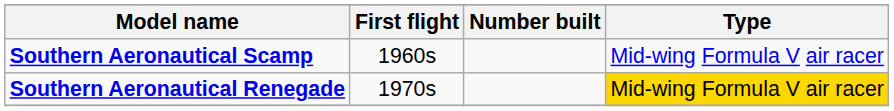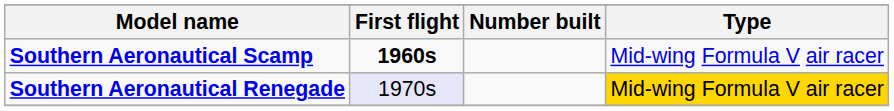 <table class="wikitable" align=center style="font-size:90%;">
 <tr>
 </tr>
 <tr style="background:#efefef;">
 <th>Model name</th>
 <th>First flight</th>
 <th>Number built</th>
 <th>Type</th>
 </tr>
 <tr>
 <td align=left><strong><a href='#'>Southern Aeronautical Scamp</a></strong></td>
-<td align=center>1960s</td>
+<td align=center><strong>1960s</strong></td>
 <td align=center></td>
 <td align=left><a href='#'>Mid-wing</a> <a href='#'>Formula V</a> <a href='#'>air racer</a></td>
 </tr>
 <tr>
 <td align=left><strong><a href='#'>Southern Aeronautical Renegade</a></strong></td>
-<td align=center>1970s</td>
+<td align=center style="background: lavender;">1970s</td>
 <td align=center></td>
 <td align=left style="background: gold;">Mid-wing Formula V air racer</td>
 </tr>
 <tr>
 </tr>
 </table>
